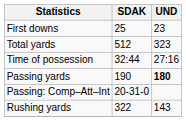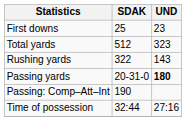 <table class="wikitable" style="float: left;">
 <tr>
 <th>Statistics</th>
 <th>SDAK</th>
 <th>UND</th>
 </tr>
 <tr>
 <td>First downs</td>
 <td>25</td>
 <td>23</td>
 </tr>
 <tr>
 <td>Total yards</td>
 <td>512</td>
 <td>323</td>
 </tr>
 <tr>
+<td>Rushing yards</td>
+<td>322</td>
+<td>143</td>
+</tr>
+<tr>
+<td>Passing yards</td>
+<td 15-23-1>20-31-0</td>
+<td><strong>180</strong></td>
+</tr>
+<tr>
+<td>Passing: Comp–Att–Int</td>
+<td>190</td>
+</tr>
+<tr>
 <td>Time of possession</td>
 <td>32:44</td>
 <td>27:16</td>
 </tr>
 <tr>
-<td>Passing yards</td>
-<td>190</td>
-<td><strong>180</strong></td>
-</tr>
-<tr>
-<td>Passing: Comp–Att–Int</td>
-<td 15-23-1>20-31-0</td>
-</tr>
-<tr>
-<td>Rushing yards</td>
-<td>322</td>
-<td>143</td>
-</tr>
-<tr>
 </tr>
 </table>
